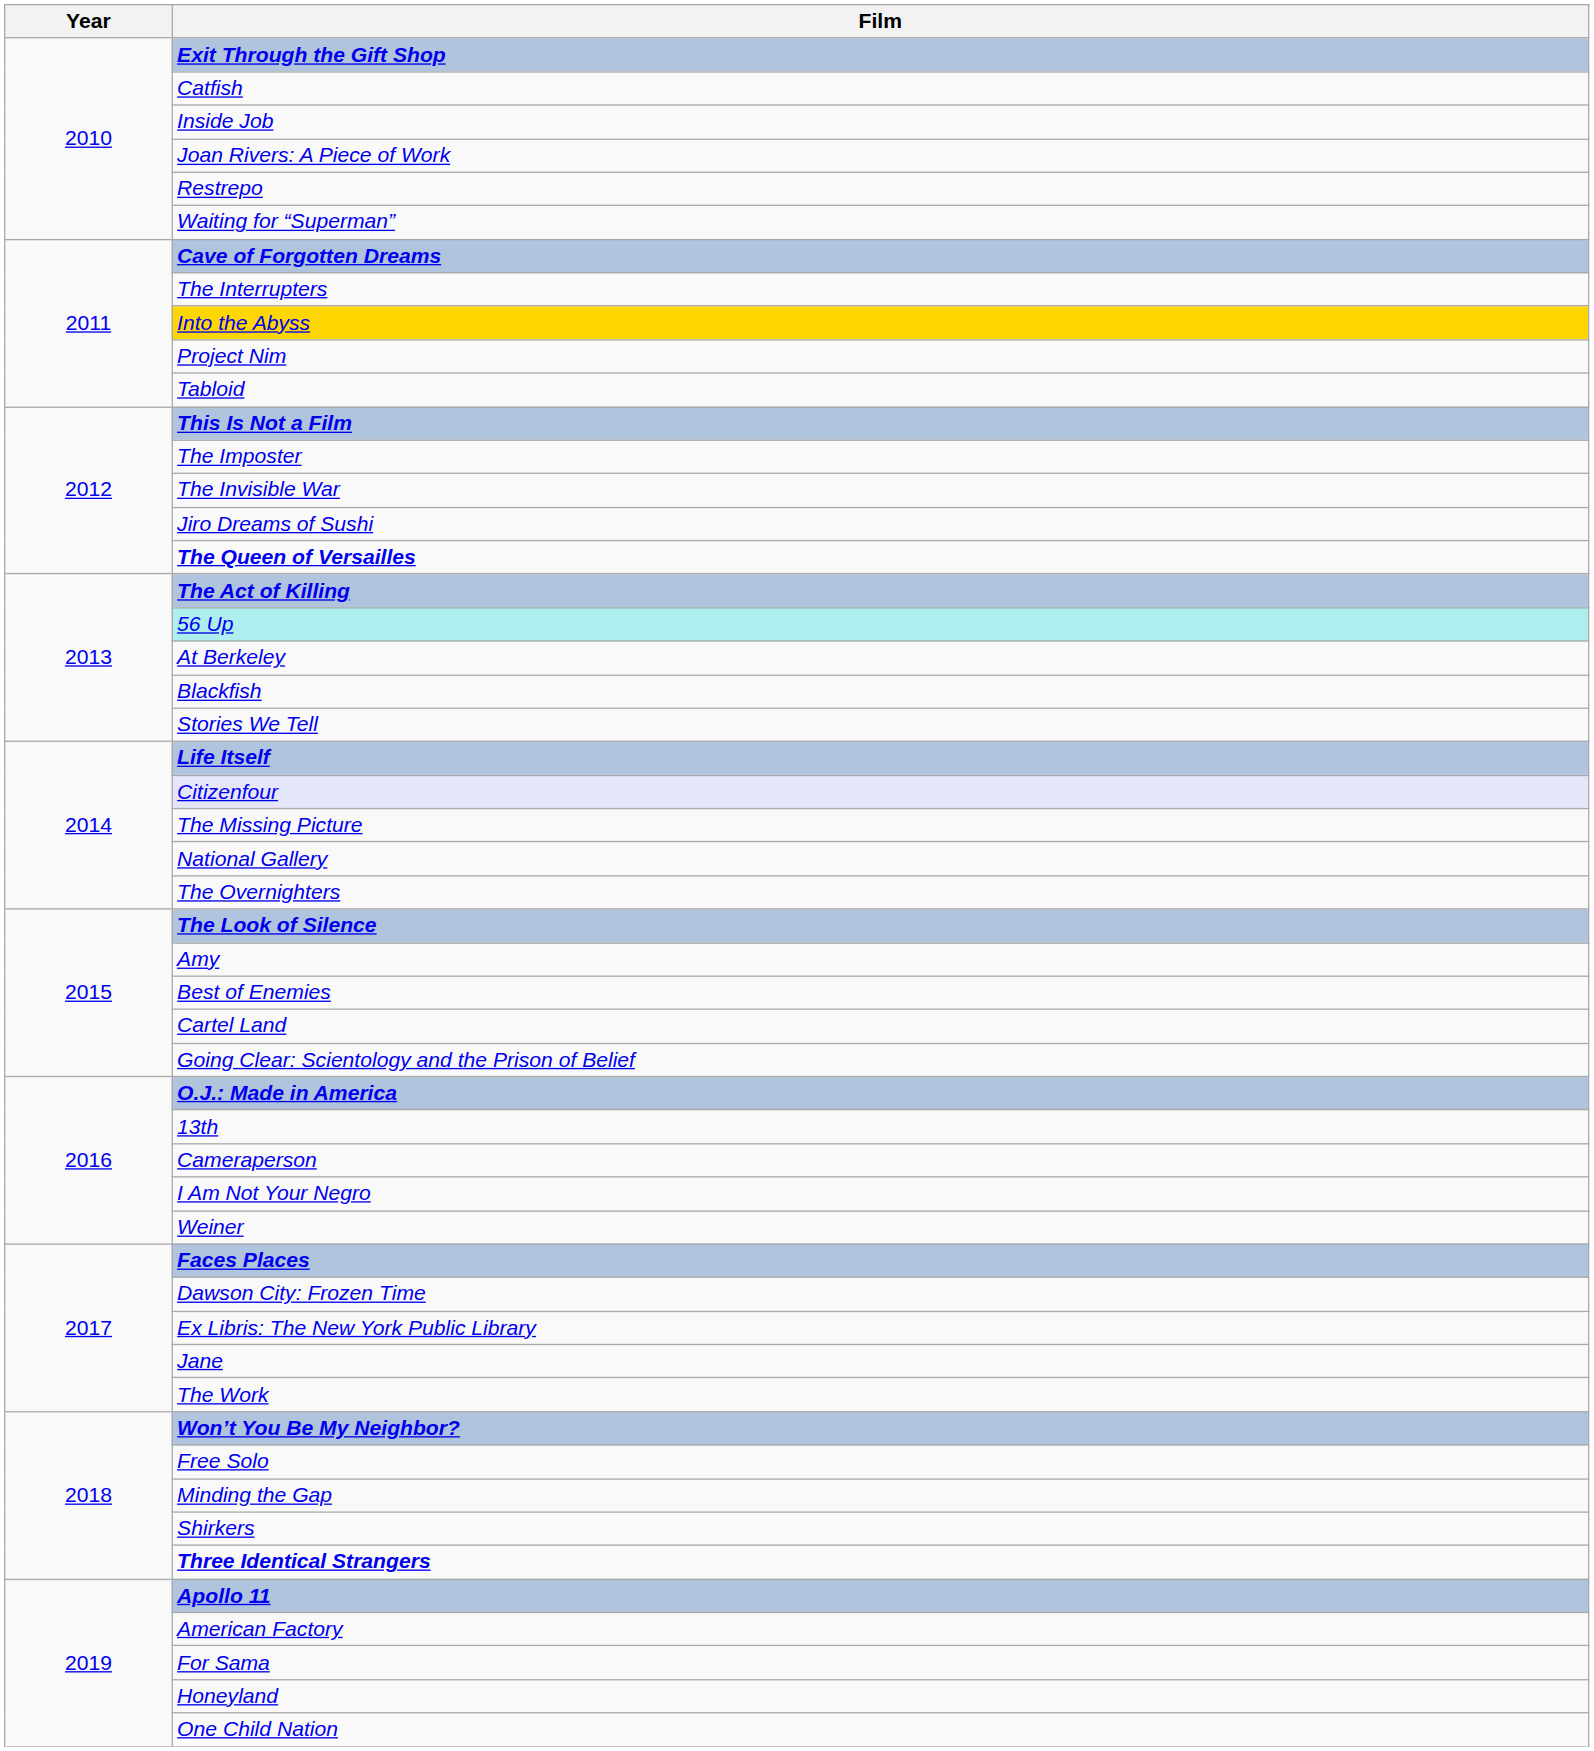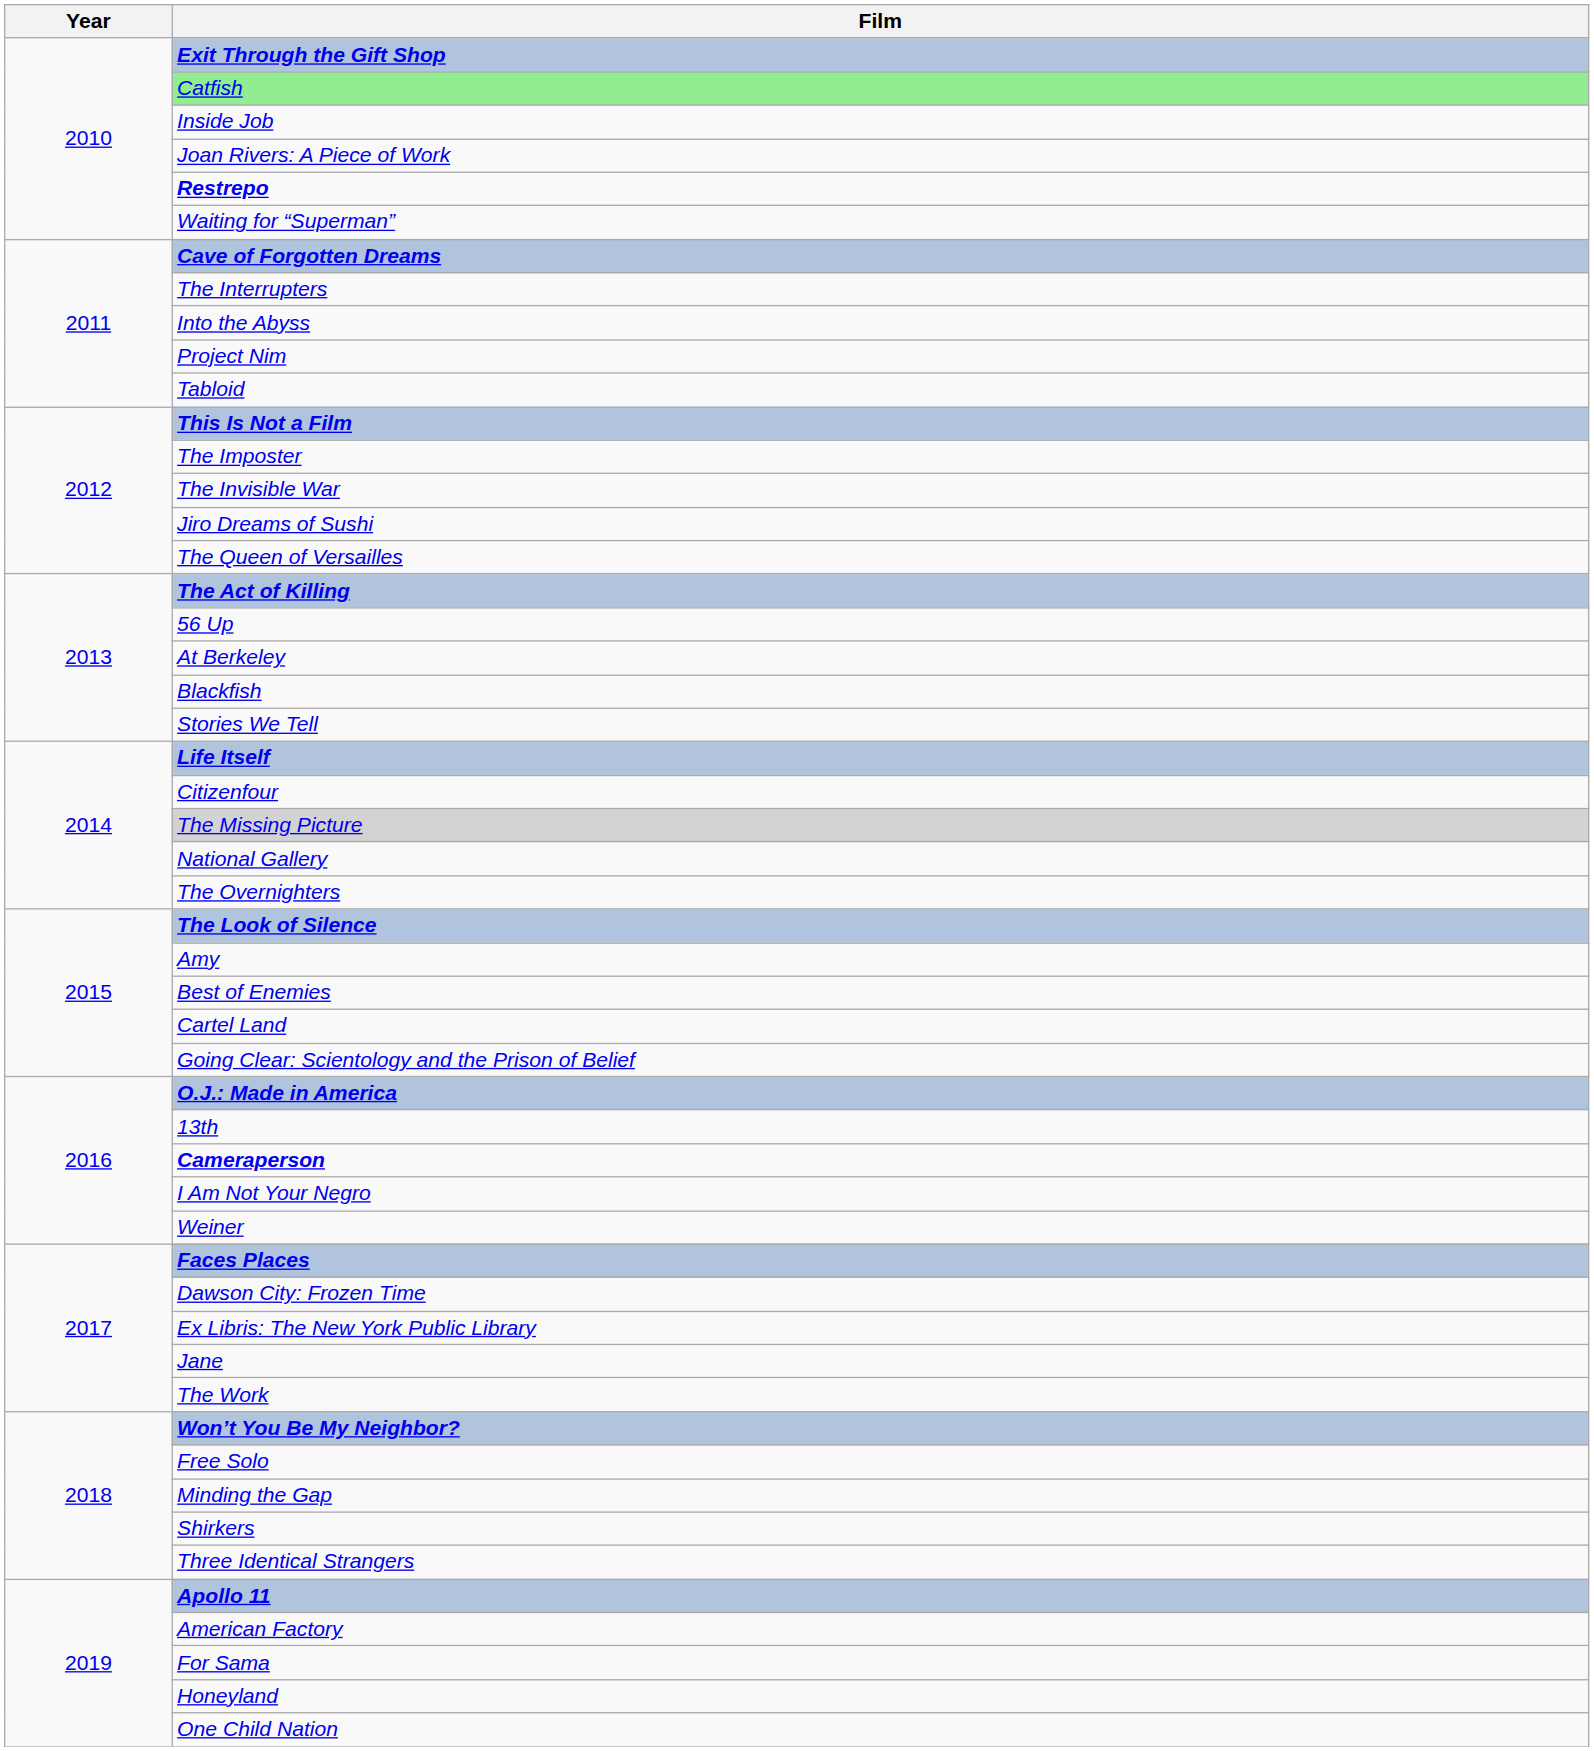 <table class="wikitable" width="95%" cellpadding="5">
 <tr>
 <th width="100"><strong>Year</strong></th>
 <th width="900"><strong>Film</strong></th>
 </tr>
 <tr>
 <td rowspan="6" style="text-align:center;"><a href='#'>2010</a></td>
 <td style="background:#B0C4DE;"><strong><em><a href='#'>Exit Through the Gift Shop</a></em></strong></td>
 </tr>
 <tr>
-<td><em><a href='#'>Catfish</a></em></td>
+<td style="background: lightgreen;"><em><a href='#'>Catfish</a></em></td>
 </tr>
 <tr>
 <td><em><a href='#'>Inside Job</a></em></td>
 </tr>
 <tr>
 <td><em><a href='#'>Joan Rivers: A Piece of Work</a></em></td>
 </tr>
 <tr>
-<td><em><a href='#'>Restrepo</a></em></td>
+<td><strong><em><a href='#'>Restrepo</a></em></strong></td>
 </tr>
 <tr>
 <td><em><a href='#'>Waiting for “Superman”</a></em></td>
 </tr>
 <tr>
 <td rowspan="5" style="text-align:center;"><a href='#'>2011</a></td>
 <td style="background:#B0C4DE;"><strong><em><a href='#'>Cave of Forgotten Dreams</a></em></strong></td>
 </tr>
 <tr>
 <td><em><a href='#'>The Interrupters</a></em></td>
 </tr>
 <tr>
-<td style="background: gold;"><em><a href='#'>Into the Abyss</a></em></td>
+<td><em><a href='#'>Into the Abyss</a></em></td>
 </tr>
 <tr>
 <td><em><a href='#'>Project Nim</a></em></td>
 </tr>
 <tr>
 <td><em><a href='#'>Tabloid</a></em></td>
 </tr>
 <tr>
 <td rowspan="5" style="text-align:center;"><a href='#'>2012</a></td>
 <td style="background:#B0C4DE;"><strong><em><a href='#'>This Is Not a Film</a></em></strong></td>
 </tr>
 <tr>
 <td><em><a href='#'>The Imposter</a></em></td>
 </tr>
 <tr>
 <td><em><a href='#'>The Invisible War</a></em></td>
 </tr>
 <tr>
 <td><em><a href='#'>Jiro Dreams of Sushi</a></em></td>
 </tr>
 <tr>
-<td><strong><em><a href='#'>The Queen of Versailles</a></em></strong></td>
+<td><em><a href='#'>The Queen of Versailles</a></em></td>
 </tr>
 <tr>
 <td rowspan="5" style="text-align:center;"><a href='#'>2013</a></td>
 <td style="background:#B0C4DE;"><strong><em><a href='#'>The Act of Killing</a></em></strong></td>
 </tr>
 <tr>
-<td style="background: paleturquoise;"><em><a href='#'>56 Up</a></em></td>
+<td><em><a href='#'>56 Up</a></em></td>
 </tr>
 <tr>
 <td><em><a href='#'>At Berkeley</a></em></td>
 </tr>
 <tr>
 <td><em><a href='#'>Blackfish</a></em></td>
 </tr>
 <tr>
 <td><em><a href='#'>Stories We Tell</a></em></td>
 </tr>
 <tr>
 <td rowspan="5" style="text-align:center;"><a href='#'>2014</a></td>
 <td style="background:#B0C4DE;"><strong><em><a href='#'>Life Itself</a></em></strong></td>
 </tr>
 <tr>
-<td style="background: lavender;"><em><a href='#'>Citizenfour</a></em></td>
+<td><em><a href='#'>Citizenfour</a></em></td>
 </tr>
 <tr>
-<td><em><a href='#'>The Missing Picture</a></em></td>
+<td style="background: lightgrey;"><em><a href='#'>The Missing Picture</a></em></td>
 </tr>
 <tr>
 <td><em><a href='#'>National Gallery</a></em></td>
 </tr>
 <tr>
 <td><em><a href='#'>The Overnighters</a></em></td>
 </tr>
 <tr>
 <td rowspan="5" style="text-align:center;"><a href='#'>2015</a></td>
 <td style="background:#B0C4DE;"><strong><em><a href='#'>The Look of Silence</a></em></strong></td>
 </tr>
 <tr>
 <td><em><a href='#'>Amy</a></em></td>
 </tr>
 <tr>
 <td><em><a href='#'>Best of Enemies</a></em></td>
 </tr>
 <tr>
 <td><em><a href='#'>Cartel Land</a></em></td>
 </tr>
 <tr>
 <td><em><a href='#'>Going Clear: Scientology and the Prison of Belief</a></em></td>
 </tr>
 <tr>
 <td rowspan="5" style="text-align:center;"><a href='#'>2016</a></td>
 <td style="background:#B0C4DE;"><strong><em><a href='#'>O.J.: Made in America</a></em></strong></td>
 </tr>
 <tr>
 <td><em><a href='#'>13th</a></em></td>
 </tr>
 <tr>
-<td><em><a href='#'>Cameraperson</a></em></td>
+<td><strong><em><a href='#'>Cameraperson</a></em></strong></td>
 </tr>
 <tr>
 <td><em><a href='#'>I Am Not Your Negro</a></em></td>
 </tr>
 <tr>
 <td><em><a href='#'>Weiner</a></em></td>
 </tr>
 <tr>
 <td rowspan="5" style="text-align:center;"><a href='#'>2017</a></td>
 <td style="background:#B0C4DE;"><strong><em><a href='#'>Faces Places</a></em></strong></td>
 </tr>
 <tr>
 <td><em><a href='#'>Dawson City: Frozen Time</a></em></td>
 </tr>
 <tr>
 <td><em><a href='#'>Ex Libris: The New York Public Library</a></em></td>
 </tr>
 <tr>
 <td><em><a href='#'>Jane</a></em></td>
 </tr>
 <tr>
 <td><em><a href='#'>The Work</a></em></td>
 </tr>
 <tr>
 <td rowspan="5" style="text-align:center;"><a href='#'>2018</a></td>
 <td style="background:#B0C4DE;"><strong><em><a href='#'>Won’t You Be My Neighbor?</a></em></strong></td>
 </tr>
 <tr>
 <td><em><a href='#'>Free Solo</a></em></td>
 </tr>
 <tr>
 <td><em><a href='#'>Minding the Gap</a></em></td>
 </tr>
 <tr>
 <td><em><a href='#'>Shirkers</a></em></td>
 </tr>
 <tr>
-<td><strong><em><a href='#'>Three Identical Strangers</a></em></strong></td>
+<td><em><a href='#'>Three Identical Strangers</a></em></td>
 </tr>
 <tr>
 <td rowspan="5" style="text-align:center;"><a href='#'>2019</a></td>
 <td style="background:#B0C4DE;"><strong><em><a href='#'>Apollo 11</a></em></strong></td>
 </tr>
 <tr>
 <td><em><a href='#'>American Factory</a></em></td>
 </tr>
 <tr>
 <td><em><a href='#'>For Sama</a></em></td>
 </tr>
 <tr>
 <td><em><a href='#'>Honeyland</a></em></td>
 </tr>
 <tr>
 <td><em><a href='#'>One Child Nation</a></em></td>
 </tr>
 </table>
